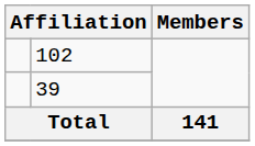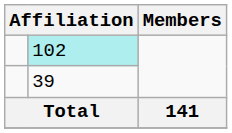 <table class="wikitable sortable">
 <tr>
 <th scope="colgroup" colspan="2">Affiliation</th>
 <th scope="col">Members</th>
 </tr>
 <tr>
 <td></td>
-<td>102</td>
+<td style="background: paleturquoise;">102</td>
 </tr>
 <tr>
 <td></td>
 <td>39</td>
 </tr>
 <tr>
 <th colspan=2>Total</th>
 <th>141</th>
 </tr>
 <tr>
 </tr>
 </table>
